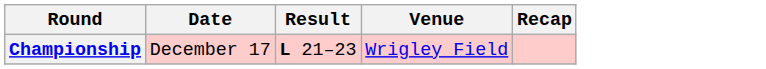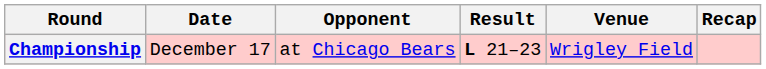 <table class="wikitable" style="text-align:center">
 <tr>
 <th>Round</th>
 <th>Date</th>
+<th>Opponent</th>
 <th>Result</th>
 <th>Venue</th>
 <th>Recap</th>
 </tr>
 <tr style="background:#fcc">
 <th><a href='#'>Championship</a></th>
 <td>December 17</td>
+<td>at <a href='#'>Chicago Bears</a></td>
 <td><strong>L</strong> 21–23</td>
 <td><a href='#'>Wrigley Field</a></td>
 <td></td>
 </tr>
 </table>
